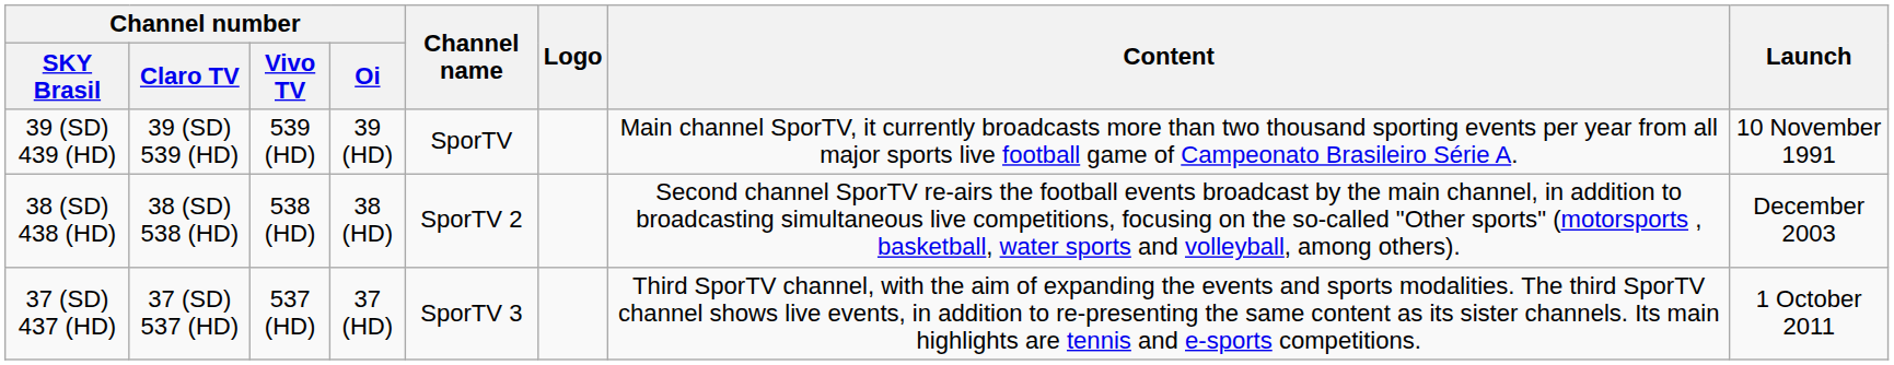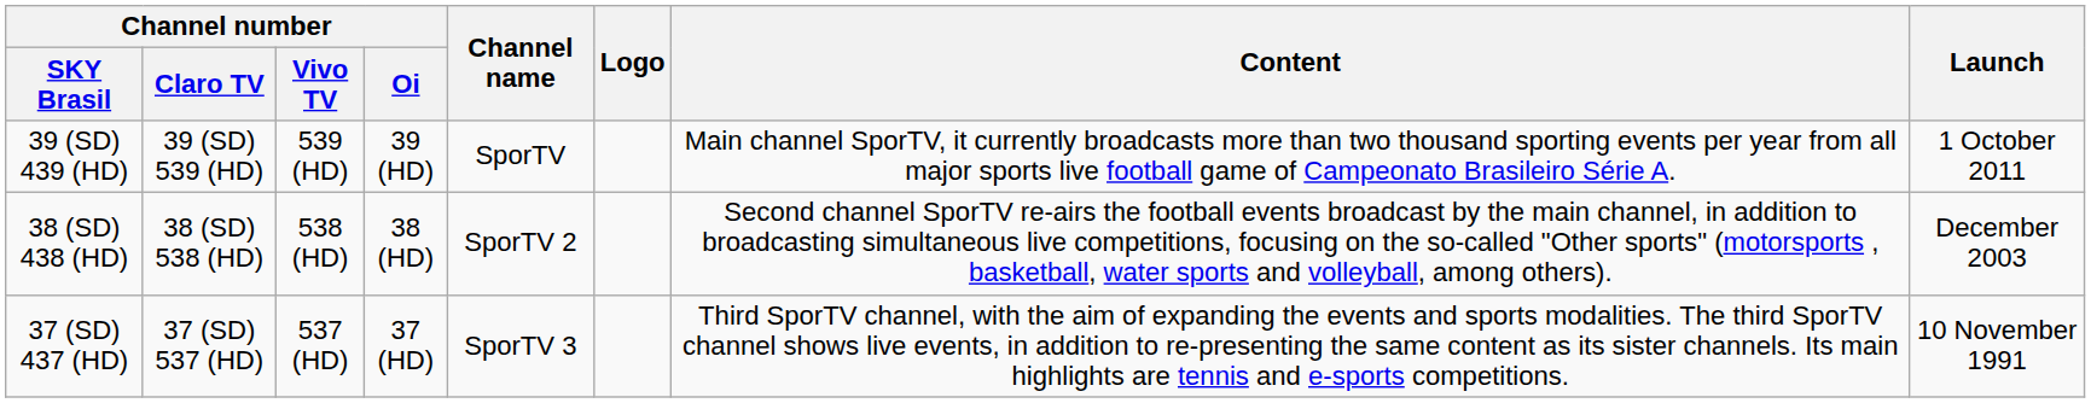 <table class="wikitable" style="text-align: center; style:text-align: center">
 <tr>
 <th colspan = "4">Channel number</th>
 <th rowspan = "2">Channel name</th>
 <th rowspan = "2">Logo</th>
 <th rowspan = "2">Content</th>
 <th rowspan = "2">Launch</th>
 </tr>
 <tr>
 <th><a href='#'>SKY Brasil</a></th>
 <th><a href='#'>Claro TV</a></th>
 <th><a href='#'>Vivo TV</a></th>
 <th><a href='#'>Oi</a></th>
 </tr>
 <tr>
 <td>39 (SD) 439 (HD)</td>
 <td>39 (SD) 539 (HD)</td>
 <td>539 (HD)</td>
 <td>39 (HD)</td>
 <td>SporTV</td>
 <td></td>
 <td>Main channel SporTV, it currently broadcasts more than two thousand sporting events per year from all major sports live <a href='#'>football</a> game of <a href='#'>Campeonato Brasileiro Série A</a>.</td>
-<td>10 November 1991</td>
+<td>1 October 2011</td>
 </tr>
 <tr>
 <td>38 (SD) 438 (HD)</td>
 <td>38 (SD) 538 (HD)</td>
 <td>538 (HD)</td>
 <td>38 (HD)</td>
 <td>SporTV 2</td>
 <td></td>
 <td>Second channel SporTV re-airs the football events broadcast by the main channel, in addition to broadcasting simultaneous live competitions, focusing on the so-called "Other sports" (<a href='#'>motorsports</a> , <a href='#'>basketball</a>, <a href='#'>water sports</a> and <a href='#'>volleyball</a>, among others).</td>
 <td>December 2003</td>
 </tr>
 <tr>
 <td>37 (SD) 437 (HD)</td>
 <td>37 (SD) 537 (HD)</td>
 <td>537 (HD)</td>
 <td>37 (HD)</td>
 <td>SporTV 3</td>
 <td></td>
 <td>Third SporTV channel, with the aim of expanding the events and sports modalities. The third SporTV channel shows live events, in addition to re-presenting the same content as its sister channels. Its main highlights are <a href='#'>tennis</a> and <a href='#'>e-sports</a> competitions.</td>
-<td>1 October 2011</td>
+<td>10 November 1991</td>
 </tr>
 </table>
